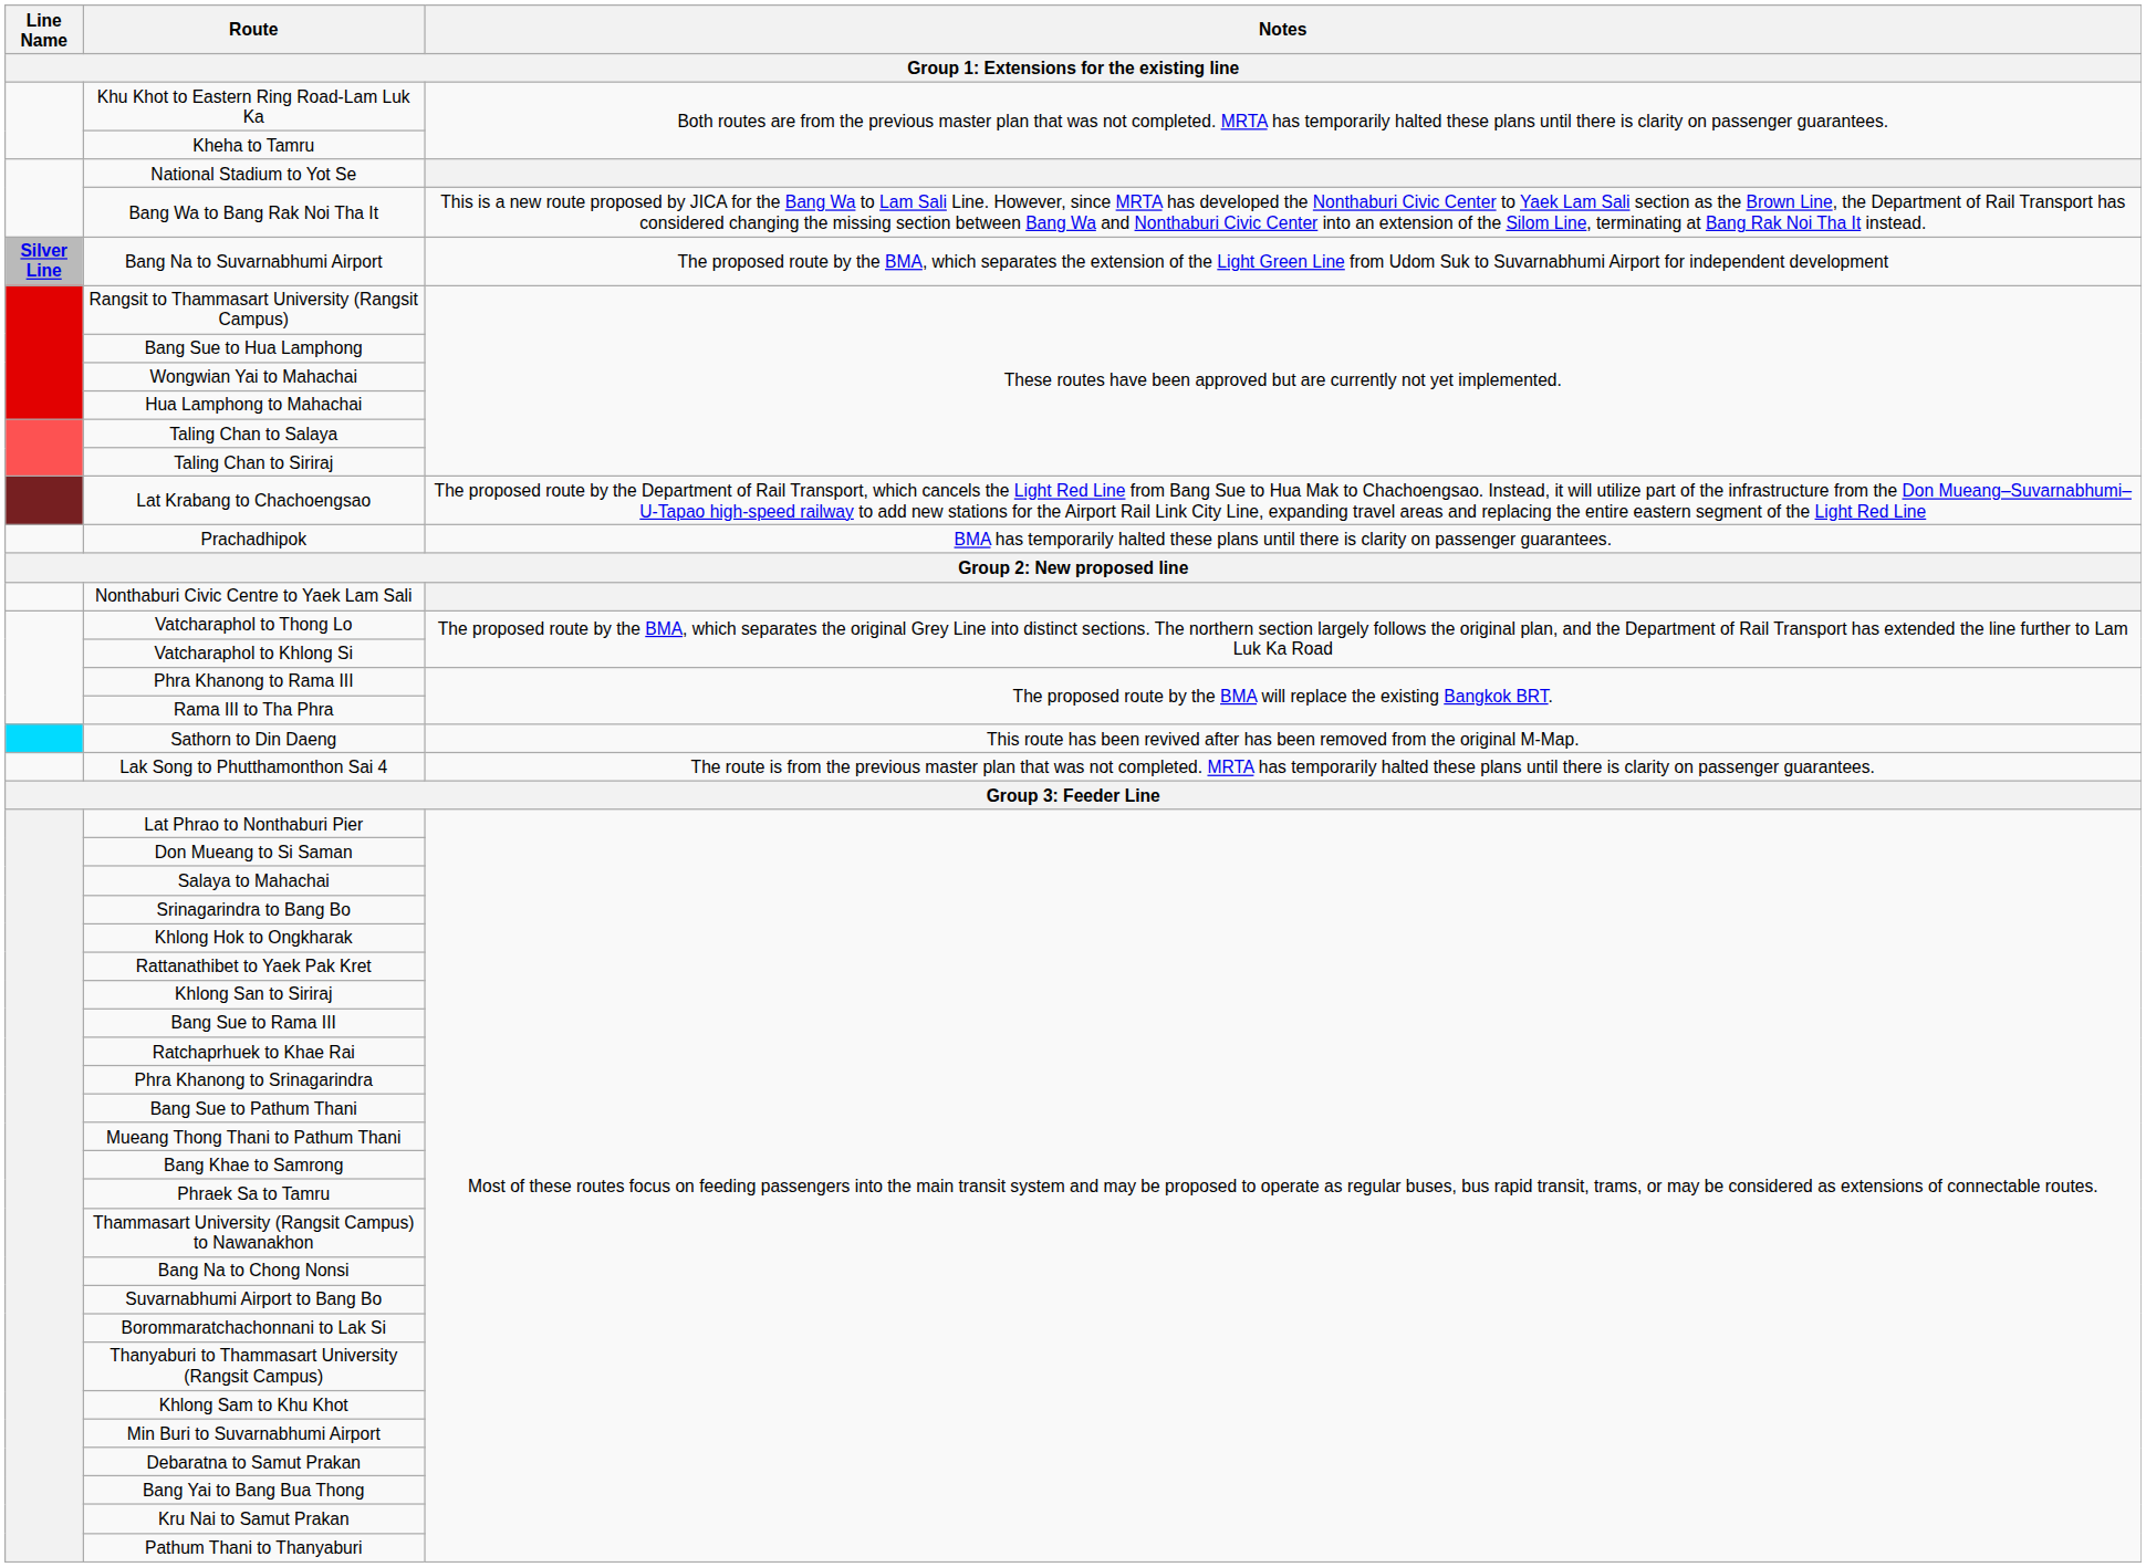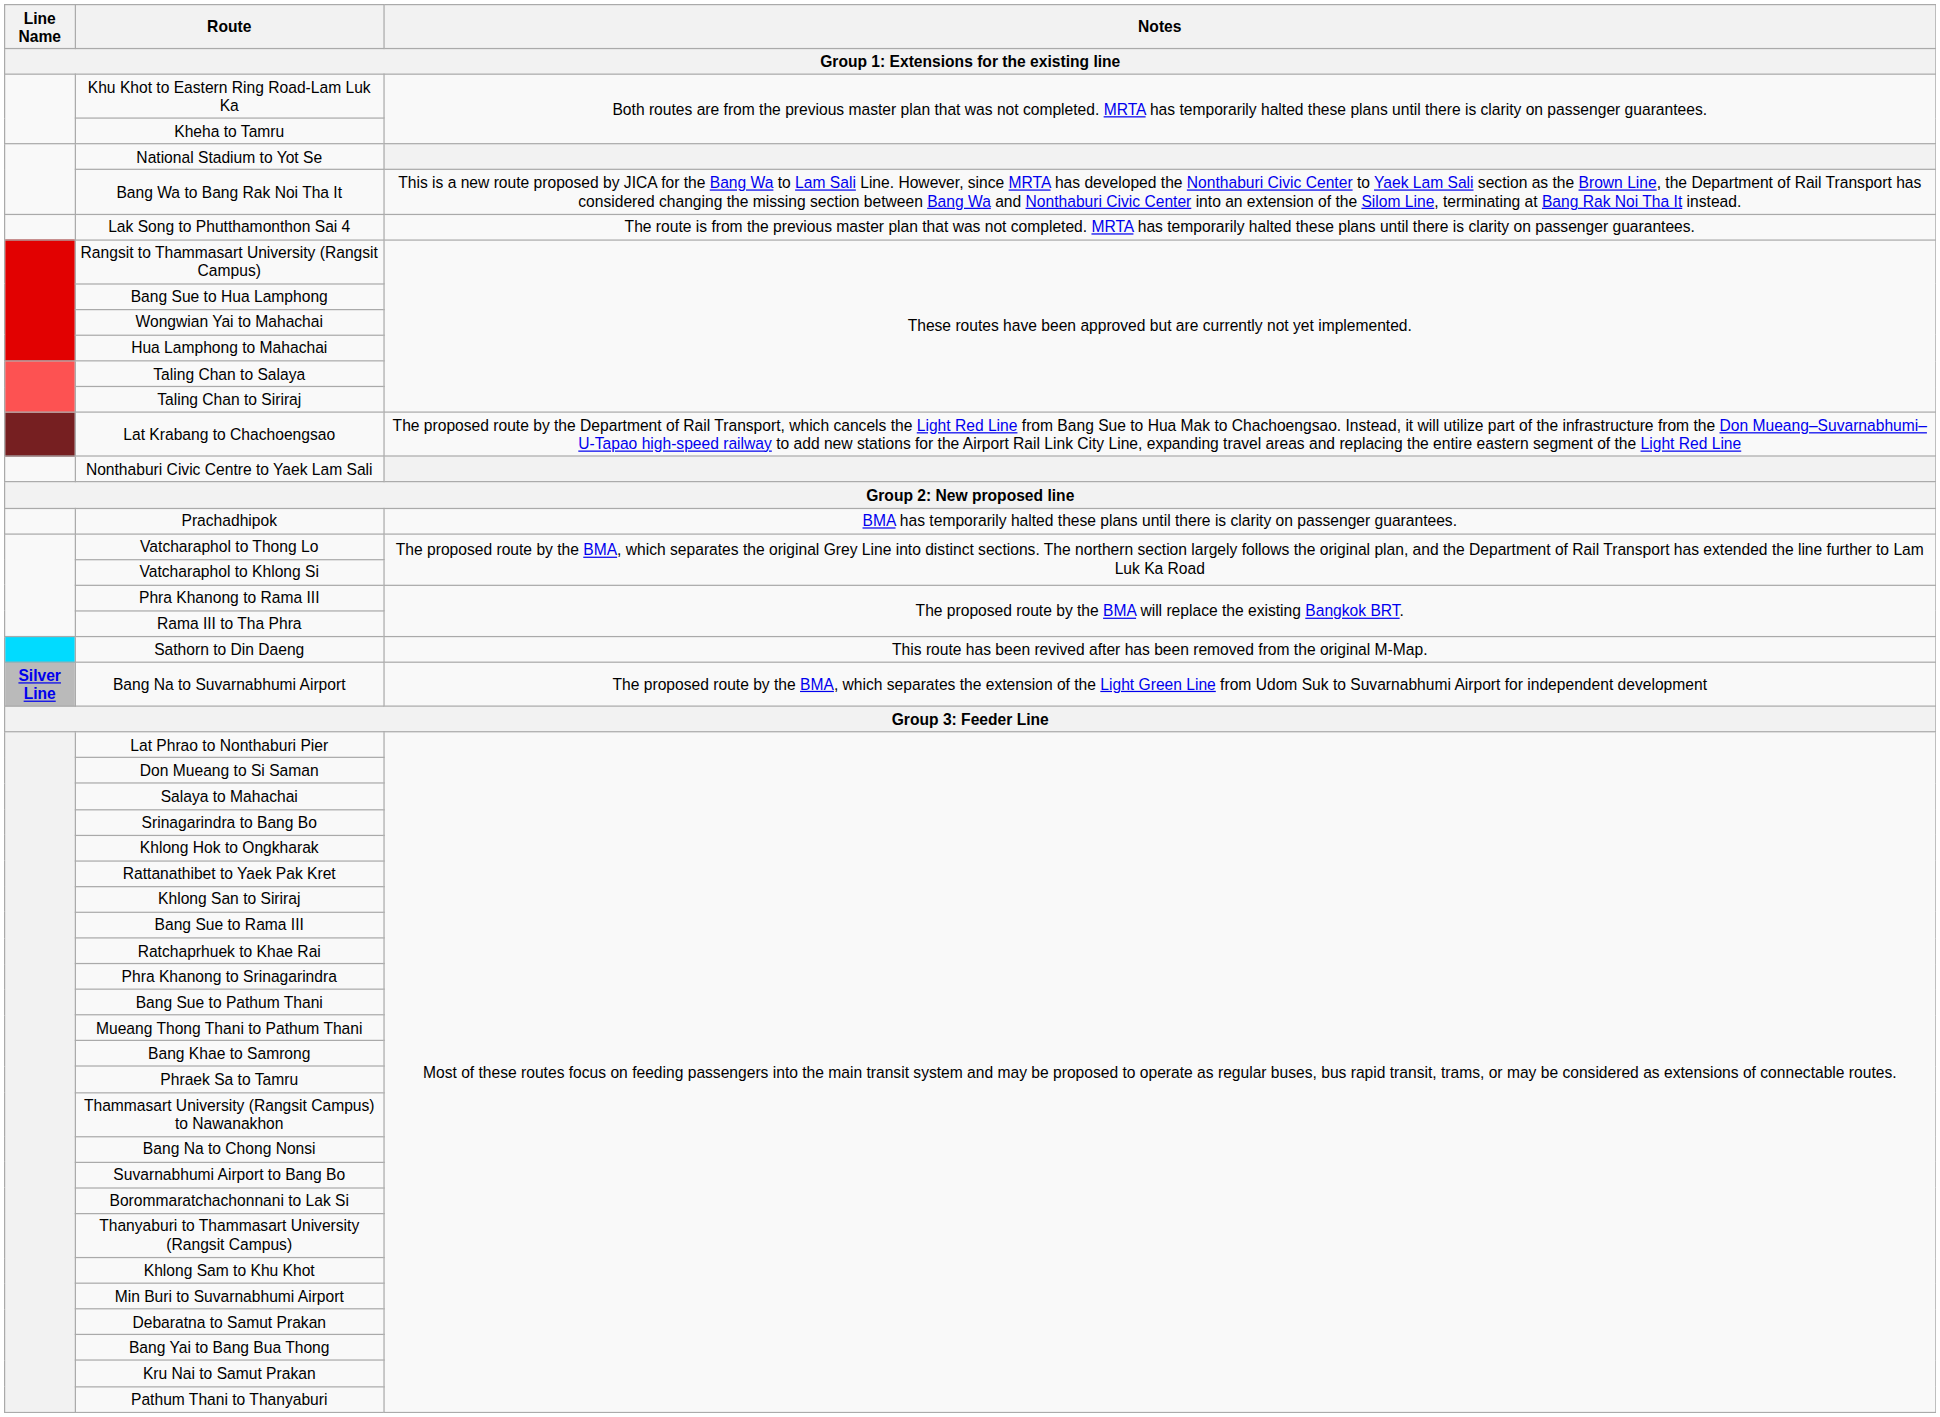 <table class="wikitable" style="margin:auto;font-align:center;text-align:center;font-size:80%;">
 <tr>
 <th>Line Name</th>
 <th>Route</th>
 <th>Notes</th>
 </tr>
 <tr>
 <th colspan="3">Group 1: Extensions for the existing line</th>
 </tr>
 <tr>
 <td rowspan="2" style="background:#"><strong><a href='#'></a></strong></td>
 <td>Khu Khot to Eastern Ring Road-Lam Luk Ka</td>
 <td rowspan="2">Both routes are from the previous master plan that was not completed. <a href='#'>MRTA</a> has temporarily halted these plans until there is clarity on passenger guarantees.</td>
 </tr>
 <tr>
 <td>Kheha to Tamru</td>
 </tr>
 <tr>
 <td rowspan="2" style="background:#"><strong><a href='#'></a></strong></td>
 <td>National Stadium to Yot Se</td>
 <th></th>
 </tr>
 <tr>
 <td>Bang Wa to Bang Rak Noi Tha It</td>
 <td>This is a new route proposed by JICA for the <a href='#'>Bang Wa</a> to <a href='#'>Lam Sali</a> Line. However, since <a href='#'>MRTA</a> has developed the <a href='#'>Nonthaburi Civic Center</a> to <a href='#'>Yaek Lam Sali</a> section as the <a href='#'>Brown Line</a>, the Department of Rail Transport has considered changing the missing section between <a href='#'>Bang Wa</a> and <a href='#'>Nonthaburi Civic Center</a> into an extension of the <a href='#'>Silom Line</a>, terminating at <a href='#'>Bang Rak Noi Tha It</a> instead.</td>
 </tr>
 <tr>
-<td style="background:#BABABA"><strong><a href='#'>Silver Line</a></strong></td>
-<td>Bang Na to Suvarnabhumi Airport</td>
-<td>The proposed route by the <a href='#'>BMA</a>, which separates the extension of the <a href='#'>Light Green Line</a> from Udom Suk to Suvarnabhumi Airport for independent development</td>
+<td style="background:#"><strong><a href='#'></a></strong></td>
+<td>Lak Song to Phutthamonthon Sai 4</td>
+<td>The route is from the previous master plan that was not completed. <a href='#'>MRTA</a> has temporarily halted these plans until there is clarity on passenger guarantees.</td>
 </tr>
 <tr>
 <td rowspan="4" style="background:#E20101"><strong><a href='#'></a></strong></td>
 <td>Rangsit to Thammasart University (Rangsit Campus)</td>
 <td rowspan="6">These routes have been approved but are currently not yet implemented.</td>
 </tr>
 <tr>
 <td>Bang Sue to Hua Lamphong</td>
 </tr>
 <tr>
 <td>Wongwian Yai to Mahachai</td>
 </tr>
 <tr>
 <td>Hua Lamphong to Mahachai</td>
 </tr>
 <tr>
 <td rowspan="2" style="background:#FD5252"><strong><a href='#'></a></strong></td>
 <td>Taling Chan to Salaya</td>
 </tr>
 <tr>
 <td>Taling Chan to Siriraj</td>
 </tr>
 <tr>
 <td style="background:#761f21"><strong><a href='#'></a></strong></td>
 <td>Lat Krabang to Chachoengsao</td>
 <td>The proposed route by the Department of Rail Transport, which cancels the <a href='#'>Light Red Line</a> from Bang Sue to Hua Mak to Chachoengsao. Instead, it will utilize part of the infrastructure from the <a href='#'>Don Mueang–Suvarnabhumi–U-Tapao high-speed railway</a> to add new stations for the Airport Rail Link City Line, expanding travel areas and replacing the entire eastern segment of the <a href='#'>Light Red Line</a></td>
 </tr>
 <tr>
 <td style="background:#"><strong><a href='#'></a></strong></td>
-<td>Prachadhipok</td>
-<td><a href='#'>BMA</a> has temporarily halted these plans until there is clarity on passenger guarantees.</td>
+<td>Nonthaburi Civic Centre to Yaek Lam Sali</td>
+<th></th>
 </tr>
 <tr>
 <th colspan="3">Group 2: New proposed line</th>
 </tr>
 <tr>
 <td style="background:#"><strong><a href='#'></a></strong></td>
-<td>Nonthaburi Civic Centre to Yaek Lam Sali</td>
-<th></th>
+<td>Prachadhipok</td>
+<td><a href='#'>BMA</a> has temporarily halted these plans until there is clarity on passenger guarantees.</td>
 </tr>
 <tr>
 <td rowspan="4" style="background:#"><strong><a href='#'></a></strong></td>
 <td>Vatcharaphol to Thong Lo</td>
 <td rowspan="2">The proposed route by the <a href='#'>BMA</a>, which separates the original Grey Line into distinct sections. The northern section largely follows the original plan, and the Department of Rail Transport has extended the line further to Lam Luk Ka Road</td>
 </tr>
 <tr>
 <td>Vatcharaphol to Khlong Si</td>
 </tr>
 <tr>
 <td>Phra Khanong to Rama III</td>
 <td rowspan="2">The proposed route by the <a href='#'>BMA</a> will replace the existing <a href='#'>Bangkok BRT</a>.</td>
 </tr>
 <tr>
 <td>Rama III to Tha Phra</td>
 </tr>
 <tr>
 <td style="background:#01DBFF"><strong><a href='#'></a></strong></td>
 <td>Sathorn to Din Daeng</td>
 <td>This route has been revived after has been removed from the original M-Map.</td>
 </tr>
 <tr>
-<td style="background:#"><strong><a href='#'></a></strong></td>
-<td>Lak Song to Phutthamonthon Sai 4</td>
-<td>The route is from the previous master plan that was not completed. <a href='#'>MRTA</a> has temporarily halted these plans until there is clarity on passenger guarantees.</td>
+<td style="background:#BABABA"><strong><a href='#'>Silver Line</a></strong></td>
+<td>Bang Na to Suvarnabhumi Airport</td>
+<td>The proposed route by the <a href='#'>BMA</a>, which separates the extension of the <a href='#'>Light Green Line</a> from Udom Suk to Suvarnabhumi Airport for independent development</td>
 </tr>
 <tr>
 <th colspan="3">Group 3: Feeder Line</th>
 </tr>
 <tr>
 <th rowspan="25"></th>
 <td>Lat Phrao to Nonthaburi Pier</td>
 <td rowspan="25">Most of these routes focus on feeding passengers into the main transit system and may be proposed to operate as regular buses, bus rapid transit, trams, or may be considered as extensions of connectable routes.</td>
 </tr>
 <tr>
 <td>Don Mueang to Si Saman</td>
 </tr>
 <tr>
 <td>Salaya to Mahachai</td>
 </tr>
 <tr>
 <td>Srinagarindra to Bang Bo</td>
 </tr>
 <tr>
 <td>Khlong Hok to Ongkharak</td>
 </tr>
 <tr>
 <td>Rattanathibet to Yaek Pak Kret</td>
 </tr>
 <tr>
 <td>Khlong San to Siriraj</td>
 </tr>
 <tr>
 <td>Bang Sue to Rama III</td>
 </tr>
 <tr>
 <td>Ratchaprhuek to Khae Rai</td>
 </tr>
 <tr>
 <td>Phra Khanong to Srinagarindra</td>
 </tr>
 <tr>
 <td>Bang Sue to Pathum Thani</td>
 </tr>
 <tr>
 <td>Mueang Thong Thani to Pathum Thani</td>
 </tr>
 <tr>
 <td>Bang Khae to Samrong</td>
 </tr>
 <tr>
 <td>Phraek Sa to Tamru</td>
 </tr>
 <tr>
 <td>Thammasart University (Rangsit Campus) to Nawanakhon</td>
 </tr>
 <tr>
 <td>Bang Na to Chong Nonsi</td>
 </tr>
 <tr>
 <td>Suvarnabhumi Airport to Bang Bo</td>
 </tr>
 <tr>
 <td>Borommaratchachonnani to Lak Si</td>
 </tr>
 <tr>
 <td>Thanyaburi to Thammasart University (Rangsit Campus)</td>
 </tr>
 <tr>
 <td>Khlong Sam to Khu Khot</td>
 </tr>
 <tr>
 <td>Min Buri to Suvarnabhumi Airport</td>
 </tr>
 <tr>
 <td>Debaratna to Samut Prakan</td>
 </tr>
 <tr>
 <td>Bang Yai to Bang Bua Thong</td>
 </tr>
 <tr>
 <td>Kru Nai to Samut Prakan</td>
 </tr>
 <tr>
 <td>Pathum Thani to Thanyaburi</td>
 </tr>
 </table>
